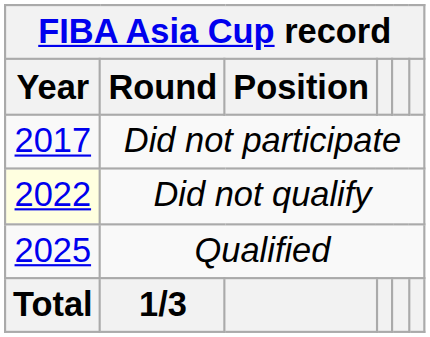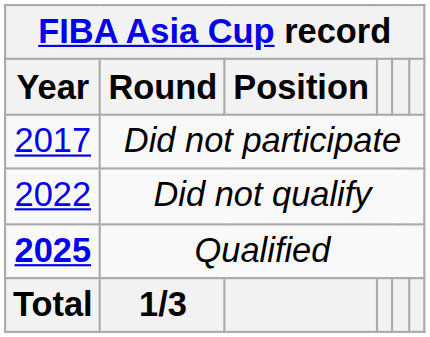 <table class="wikitable" style="text-align: center;">
 <tr>
 <th colspan=10><a href='#'>FIBA Asia Cup</a> record</th>
 </tr>
 <tr>
 <th>Year</th>
 <th>Round</th>
 <th>Position</th>
 <th></th>
 <th></th>
 <th></th>
 </tr>
 <tr>
 <td> <a href='#'>2017</a></td>
 <td colspan="6"><em>Did not participate</em></td>
 </tr>
 <tr>
-<td style="background: lightyellow;"> <a href='#'>2022</a></td>
+<td> <a href='#'>2022</a></td>
 <td colspan="6"><em>Did not qualify</em></td>
 </tr>
 <tr>
-<td> <a href='#'>2025</a></td>
+<td><strong> <a href='#'>2025</a></strong></td>
 <td colspan="6"><em>Qualified</em></td>
 </tr>
 <tr>
 <th>Total</th>
 <th>1/3</th>
 <th></th>
 <th></th>
 <th></th>
 <th></th>
 </tr>
 </table>
